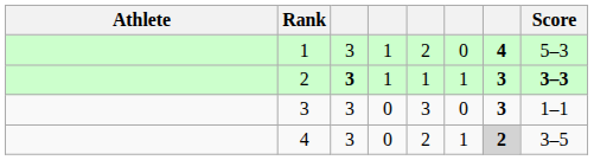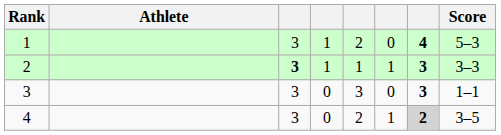 <table class="wikitable" style="text-align: center;">
 <tr>
+<th width=25>Rank</th>
 <th width=225>Athlete</th>
-<th width=25>Rank</th>
 <th width=25></th>
 <th width=25></th>
 <th width=25></th>
 <th width=25></th>
 <th width=25></th>
 <th width=50>Score</th>
 </tr>
 <tr bgcolor=ccffcc>
+<td>1</td>
 <td align=left></td>
-<td>1</td>
 <td>3</td>
 <td>1</td>
 <td>2</td>
 <td>0</td>
 <td><strong>4</strong></td>
 <td>5–3</td>
 </tr>
 <tr bgcolor=ccffcc>
+<td>2</td>
 <td align=left></td>
-<td>2</td>
 <td><strong>3</strong></td>
 <td>1</td>
 <td>1</td>
 <td>1</td>
 <td><strong>3</strong></td>
-<td><strong>3–3</strong></td>
+<td>3–3</td>
 </tr>
 <tr>
+<td>3</td>
 <td align=left></td>
-<td>3</td>
 <td>3</td>
 <td>0</td>
 <td>3</td>
 <td>0</td>
 <td><strong>3</strong></td>
 <td>1–1</td>
 </tr>
 <tr>
+<td>4</td>
 <td align=left></td>
-<td>4</td>
 <td>3</td>
 <td>0</td>
 <td>2</td>
 <td>1</td>
 <td style="background: lightgrey;"><strong>2</strong></td>
 <td>3–5</td>
 </tr>
 </table>
